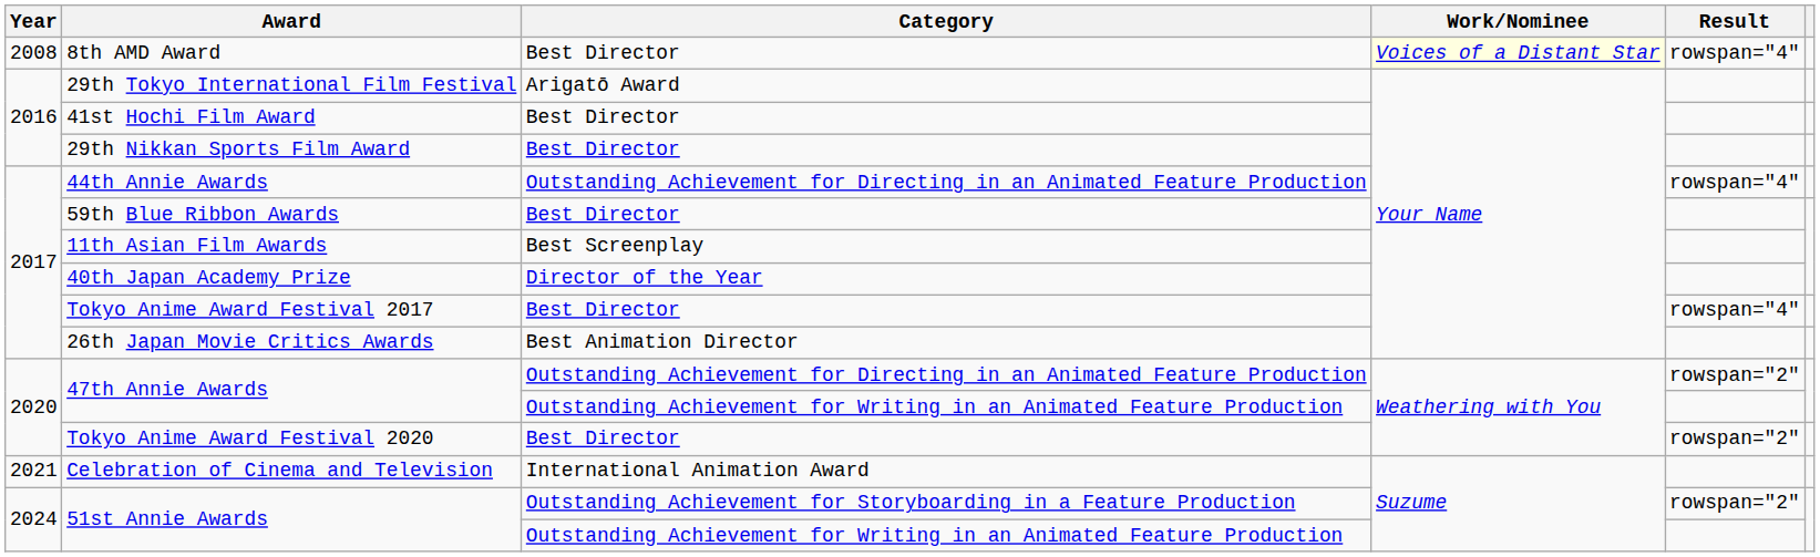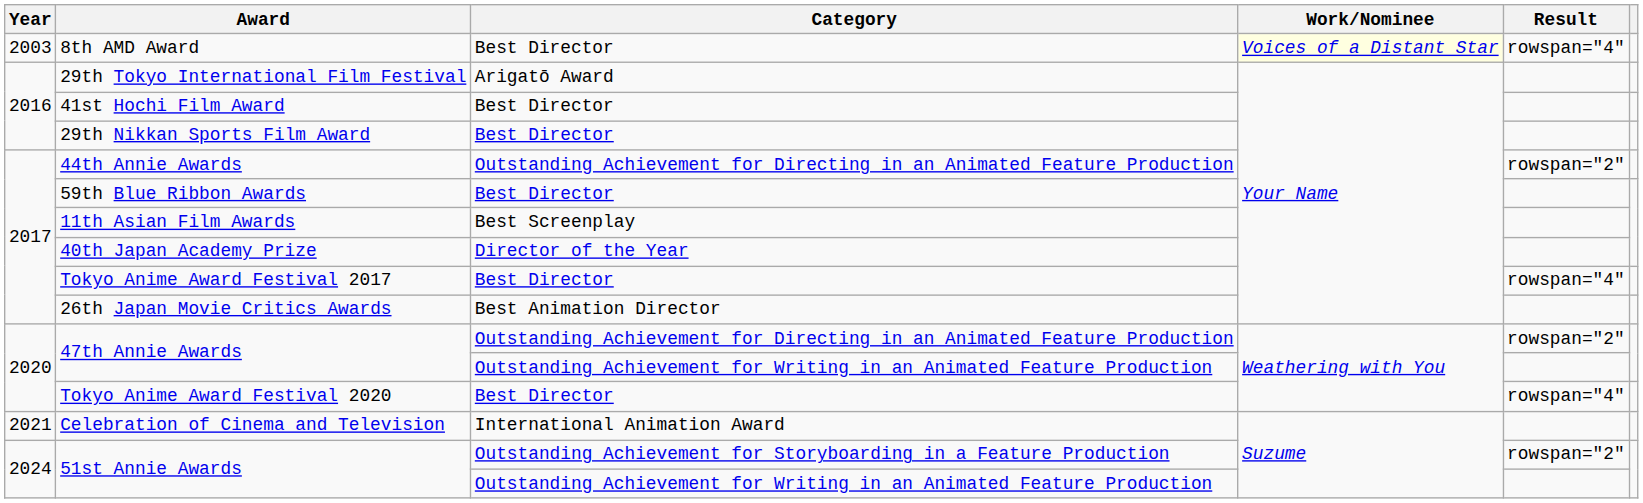 <table class="wikitable sortable">
 <tr>
 <th>Year</th>
 <th>Award</th>
 <th>Category</th>
 <th>Work/Nominee</th>
 <th>Result</th>
 <th></th>
 </tr>
 <tr>
-<td align="center">2008</td>
+<td align="center">2003</td>
 <td>8th AMD Award</td>
 <td>Best Director</td>
 <td style="background: lightyellow;"><em><a href='#'>Voices of a Distant Star</a></em></td>
 <td>rowspan="4" </td>
 <td style="text-align:center"></td>
 </tr>
 <tr>
 <td rowspan="3" align="center">2016</td>
 <td>29th <a href='#'>Tokyo International Film Festival</a></td>
 <td>Arigatō Award</td>
 <td rowspan="9"><em><a href='#'>Your Name</a></em></td>
 <td style="text-align:center"></td>
 </tr>
 <tr>
 <td>41st <a href='#'>Hochi Film Award</a></td>
 <td>Best Director</td>
 <td></td>
 <td style="text-align:center"></td>
 </tr>
 <tr>
 <td>29th <a href='#'>Nikkan Sports Film Award</a></td>
 <td><a href='#'>Best Director</a></td>
 <td></td>
 <td style="text-align:center"></td>
 </tr>
 <tr>
 <td rowspan="6" align="center">2017</td>
 <td><a href='#'>44th Annie Awards</a></td>
 <td><a href='#'>Outstanding Achievement for Directing in an Animated Feature Production</a></td>
-<td>rowspan="4" </td>
+<td>rowspan="2" </td>
 <td style="text-align:center"></td>
 </tr>
 <tr>
 <td>59th <a href='#'>Blue Ribbon Awards</a></td>
 <td><a href='#'>Best Director</a></td>
 <td style="text-align:center"></td>
 </tr>
 <tr>
 <td><a href='#'>11th Asian Film Awards</a></td>
 <td>Best Screenplay</td>
 <td style="text-align:center"></td>
 </tr>
 <tr>
 <td><a href='#'>40th Japan Academy Prize</a></td>
 <td><a href='#'>Director of the Year</a></td>
 <td style="text-align:center"></td>
 </tr>
 <tr>
 <td><a href='#'>Tokyo Anime Award Festival</a> 2017</td>
 <td><a href='#'>Best Director</a></td>
 <td>rowspan="4" </td>
 <td style="text-align:center"></td>
 </tr>
 <tr>
 <td>26th <a href='#'>Japan Movie Critics Awards</a></td>
 <td>Best Animation Director</td>
 <td style="text-align:center"></td>
 </tr>
 <tr>
 <td rowspan="3" align="center">2020</td>
 <td rowspan="2"><a href='#'>47th Annie Awards</a></td>
 <td><a href='#'>Outstanding Achievement for Directing in an Animated Feature Production</a></td>
 <td rowspan="3"><em><a href='#'>Weathering with You</a></em></td>
 <td>rowspan="2" </td>
 <td rowspan="2" style="text-align:center"></td>
 </tr>
 <tr>
 <td><a href='#'>Outstanding Achievement for Writing in an Animated Feature Production</a></td>
 </tr>
 <tr>
 <td><a href='#'>Tokyo Anime Award Festival</a> 2020</td>
 <td><a href='#'>Best Director</a></td>
-<td>rowspan="2" </td>
+<td>rowspan="4" </td>
 <td style="text-align:center"></td>
 </tr>
 <tr>
 <td align="center">2021</td>
 <td><a href='#'>Celebration of Cinema and Television</a></td>
 <td>International Animation Award</td>
 <td rowspan="3"><em><a href='#'>Suzume</a></em></td>
 <td style="text-align:center"></td>
 </tr>
 <tr>
 <td rowspan="2" align="center">2024</td>
 <td rowspan="2"><a href='#'>51st Annie Awards</a></td>
 <td><a href='#'>Outstanding Achievement for Storyboarding in a Feature Production</a></td>
 <td>rowspan="2" </td>
 <td rowspan="2" style="text-align:center"></td>
 </tr>
 <tr>
 <td><a href='#'>Outstanding Achievement for Writing in an Animated Feature Production</a></td>
 </tr>
 </table>
